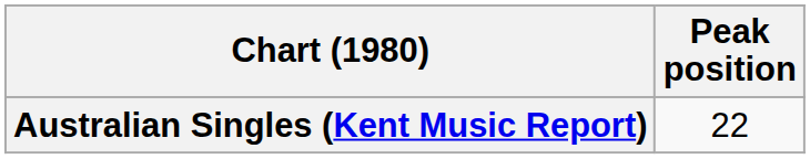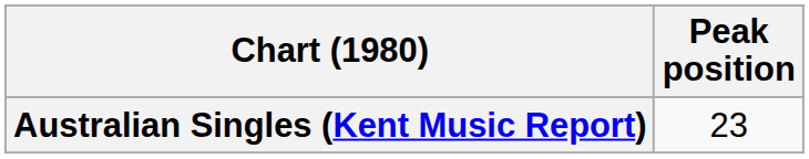 <table class="wikitable sortable plainrowheaders" style="text-align:center">
 <tr>
 <th>Chart (1980)</th>
 <th>Peak<br>position</th>
 </tr>
 <tr>
 <th scope="row">Australian Singles (<a href='#'>Kent Music Report</a>)</th>
-<td align="center">22</td>
+<td align="center">23</td>
 </tr>
 </table>
